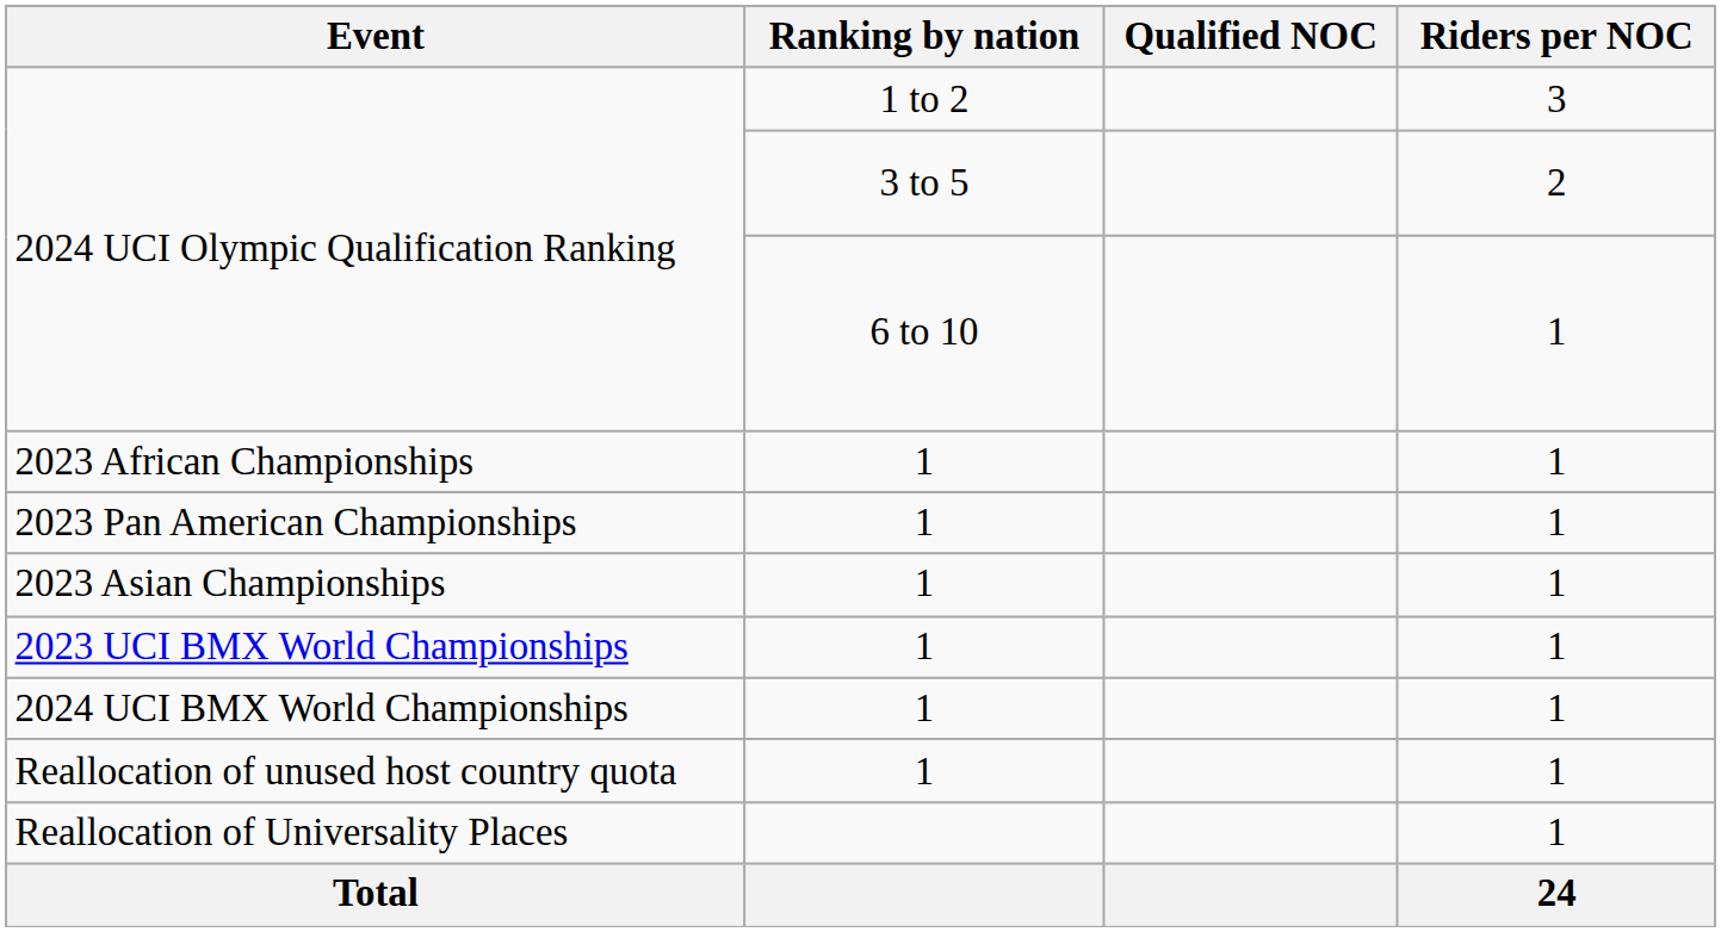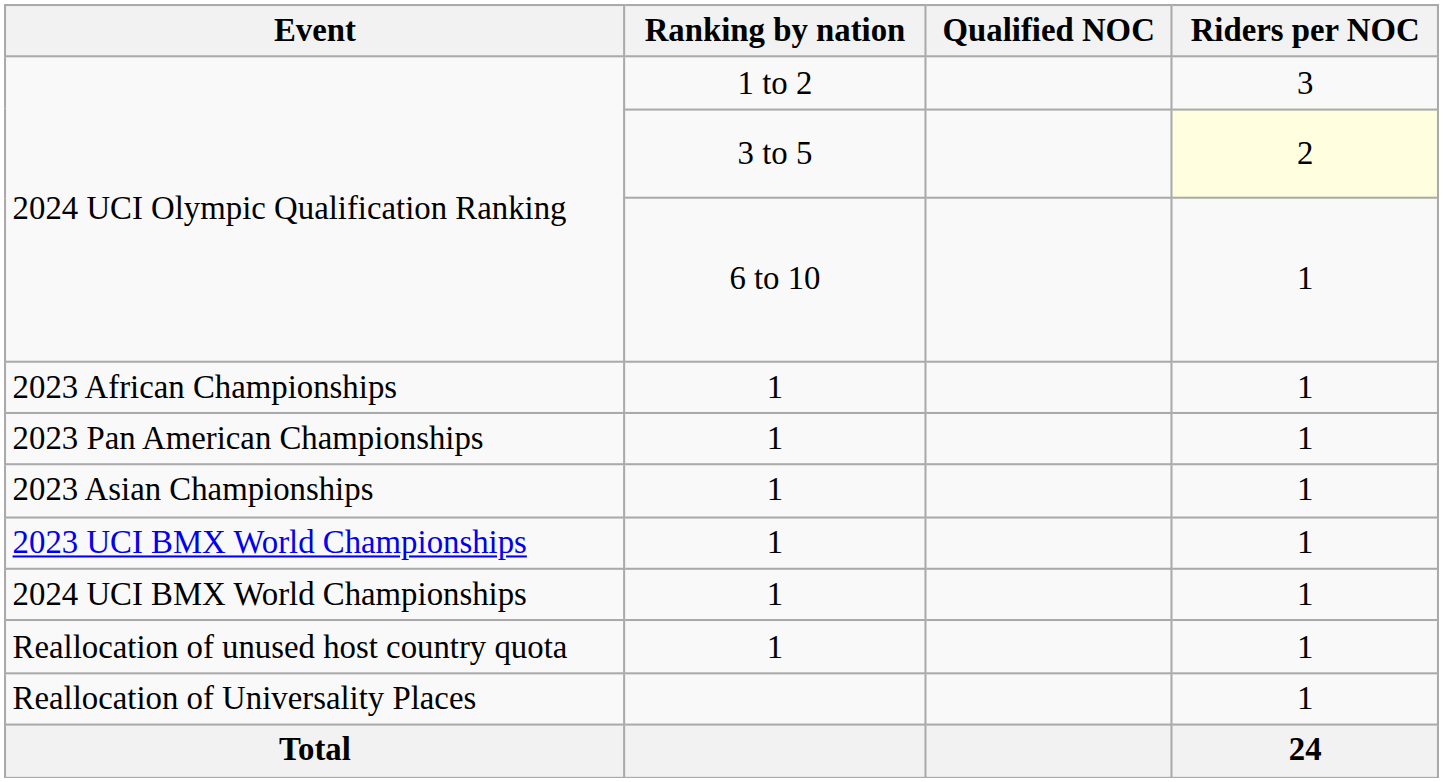 <table class="wikitable"  style="width:700px; text-align:center;">
 <tr>
 <th>Event</th>
 <th>Ranking by nation</th>
 <th>Qualified NOC</th>
 <th>Riders per NOC</th>
 </tr>
 <tr>
 <td rowspan=3 align=left>2024 UCI Olympic Qualification Ranking</td>
 <td>1 to 2</td>
 <td align=left><br></td>
 <td>3</td>
 </tr>
 <tr>
 <td>3 to 5</td>
 <td align=left><br><br></td>
-<td>2</td>
+<td style="background: lightyellow;">2</td>
 </tr>
 <tr>
 <td>6 to 10</td>
 <td align=left><br><br><br><br></td>
 <td>1</td>
 </tr>
 <tr>
 <td align=left>2023 African Championships</td>
 <td>1</td>
 <td align=left></td>
 <td>1</td>
 </tr>
 <tr>
 <td align=left>2023 Pan American Championships</td>
 <td>1</td>
 <td align=left></td>
 <td>1</td>
 </tr>
 <tr>
 <td align=left>2023 Asian Championships</td>
 <td>1</td>
 <td align=left></td>
 <td>1</td>
 </tr>
 <tr>
 <td align=left><a href='#'>2023 UCI BMX World Championships</a></td>
 <td>1</td>
 <td align=left></td>
 <td>1</td>
 </tr>
 <tr>
 <td align=left>2024 UCI BMX World Championships</td>
 <td>1</td>
 <td align=left></td>
 <td>1</td>
 </tr>
 <tr>
 <td align=left>Reallocation of unused host country quota</td>
 <td>1</td>
 <td align=left></td>
 <td>1</td>
 </tr>
 <tr>
 <td align=left>Reallocation of Universality Places</td>
 <td></td>
 <td align=left></td>
 <td>1</td>
 </tr>
 <tr>
 <th>Total</th>
 <th></th>
 <th></th>
 <th>24</th>
 </tr>
 </table>
